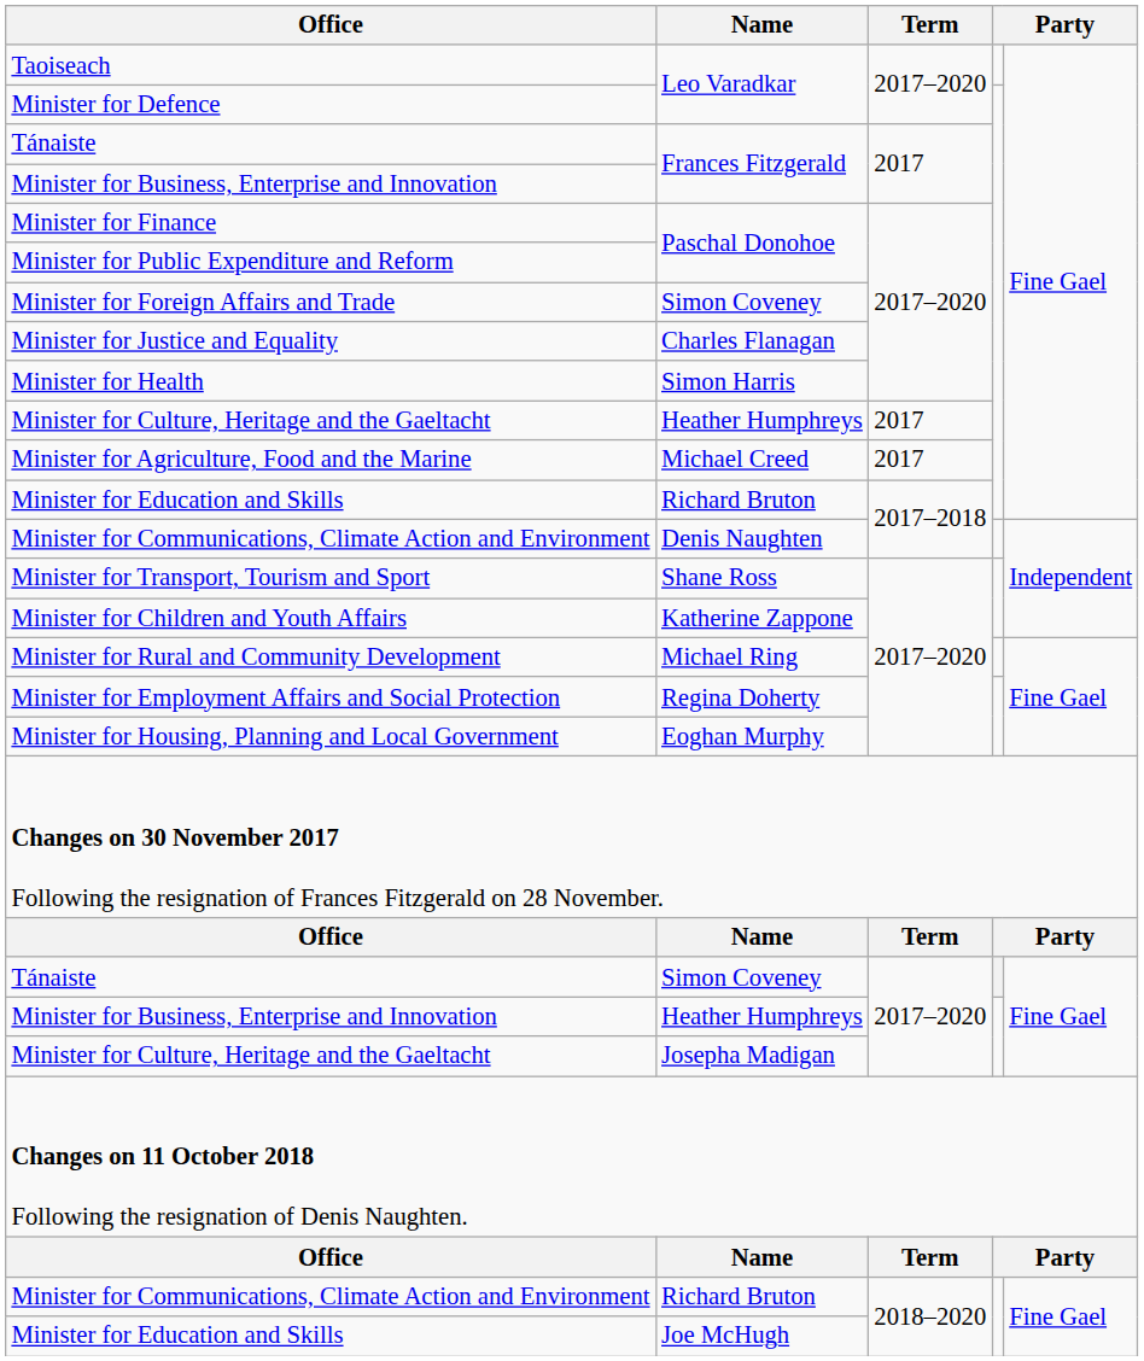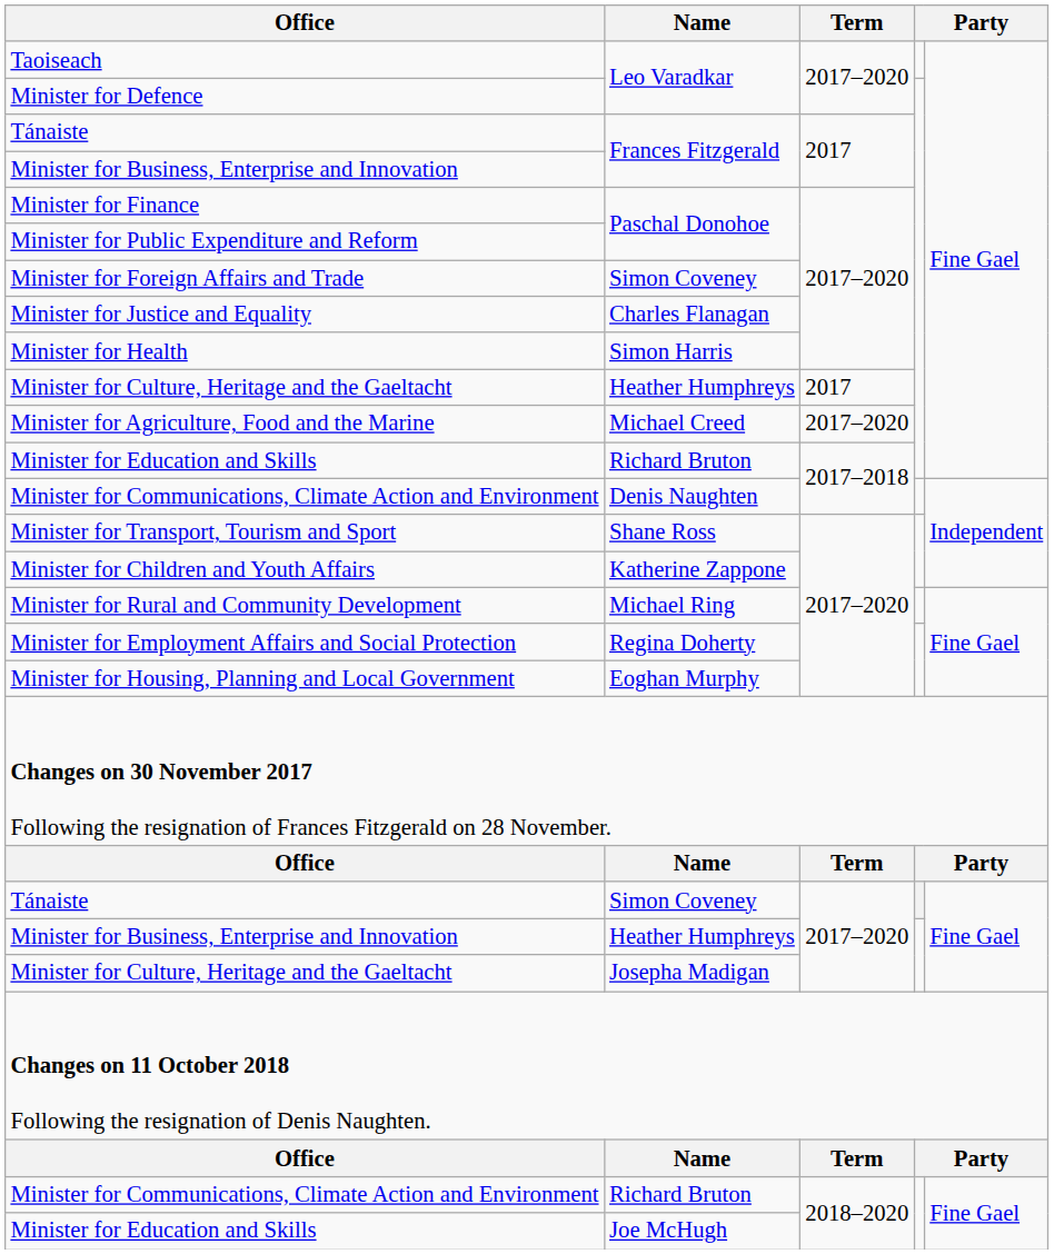 <table class="wikitable">
 <tr>
 <th>Office</th>
 <th>Name</th>
 <th>Term</th>
 <th colspan="2">Party</th>
 </tr>
 <tr>
 <td><a href='#'>Taoiseach</a></td>
 <td rowspan="2"><a href='#'>Leo Varadkar</a></td>
 <td rowspan="2">2017–2020</td>
 <td style="background-color: "></td>
 <td rowspan="12"><a href='#'>Fine Gael</a></td>
 </tr>
 <tr>
 <td><a href='#'>Minister for Defence</a></td>
 </tr>
 <tr>
 <td><a href='#'>Tánaiste</a></td>
 <td rowspan="2"><a href='#'>Frances Fitzgerald</a></td>
 <td rowspan="2">2017</td>
 </tr>
 <tr>
 <td><a href='#'>Minister for Business, Enterprise and Innovation</a></td>
 </tr>
 <tr>
 <td><a href='#'>Minister for Finance</a></td>
 <td rowspan="2"><a href='#'>Paschal Donohoe</a></td>
 <td rowspan="5">2017–2020</td>
 </tr>
 <tr>
 <td><a href='#'>Minister for Public Expenditure and Reform</a></td>
 </tr>
 <tr>
 <td><a href='#'>Minister for Foreign Affairs and Trade</a></td>
 <td><a href='#'>Simon Coveney</a></td>
 </tr>
 <tr>
 <td><a href='#'>Minister for Justice and Equality</a></td>
 <td><a href='#'>Charles Flanagan</a></td>
 </tr>
 <tr>
 <td><a href='#'>Minister for Health</a></td>
 <td><a href='#'>Simon Harris</a></td>
 </tr>
 <tr>
 <td><a href='#'>Minister for Culture, Heritage and the Gaeltacht</a></td>
 <td><a href='#'>Heather Humphreys</a></td>
 <td>2017</td>
 </tr>
 <tr>
 <td><a href='#'>Minister for Agriculture, Food and the Marine</a></td>
 <td><a href='#'>Michael Creed</a></td>
-<td>2017</td>
+<td>2017–2020</td>
 </tr>
 <tr>
 <td><a href='#'>Minister for Education and Skills</a></td>
 <td><a href='#'>Richard Bruton</a></td>
 <td rowspan="2">2017–2018</td>
 </tr>
 <tr>
 <td><a href='#'>Minister for Communications, Climate Action and Environment</a></td>
 <td><a href='#'>Denis Naughten</a></td>
 <td style="background-color: "></td>
 <td rowspan="3"><a href='#'>Independent</a></td>
 </tr>
 <tr>
 <td><a href='#'>Minister for Transport, Tourism and Sport</a></td>
 <td><a href='#'>Shane Ross</a></td>
 <td rowspan="5">2017–2020</td>
 </tr>
 <tr>
 <td><a href='#'>Minister for Children and Youth Affairs</a></td>
 <td><a href='#'>Katherine Zappone</a></td>
 </tr>
 <tr>
 <td><a href='#'>Minister for Rural and Community Development</a></td>
 <td><a href='#'>Michael Ring</a></td>
 <td style="background-color: "></td>
 <td rowspan="3"><a href='#'>Fine Gael</a></td>
 </tr>
 <tr>
 <td><a href='#'>Minister for Employment Affairs and Social Protection</a></td>
 <td><a href='#'>Regina Doherty</a></td>
 </tr>
 <tr>
 <td><a href='#'>Minister for Housing, Planning and Local Government</a></td>
 <td><a href='#'>Eoghan Murphy</a></td>
 </tr>
 <tr>
 <td colspan="5"><br><h4>Changes on 30 November 2017</h4>Following the resignation of Frances Fitzgerald on 28 November.</td>
 </tr>
 <tr>
 <th>Office</th>
 <th>Name</th>
 <th>Term</th>
 <th colspan="2">Party</th>
 </tr>
 <tr>
 <td><a href='#'>Tánaiste</a></td>
 <td><a href='#'>Simon Coveney</a></td>
 <td rowspan="3">2017–2020</td>
 <th style="background-color: "></th>
 <td rowspan="3"><a href='#'>Fine Gael</a></td>
 </tr>
 <tr>
 <td><a href='#'>Minister for Business, Enterprise and Innovation</a></td>
 <td><a href='#'>Heather Humphreys</a></td>
 </tr>
 <tr>
 <td><a href='#'>Minister for Culture, Heritage and the Gaeltacht</a></td>
 <td><a href='#'>Josepha Madigan</a></td>
 </tr>
 <tr>
 <td colspan="5"><br><h4>Changes on 11 October 2018</h4>Following the resignation of Denis Naughten.</td>
 </tr>
 <tr>
 <th>Office</th>
 <th>Name</th>
 <th>Term</th>
 <th colspan="2">Party</th>
 </tr>
 <tr>
 <td><a href='#'>Minister for Communications, Climate Action and Environment</a></td>
 <td><a href='#'>Richard Bruton</a></td>
 <td rowspan="2">2018–2020</td>
 <td rowspan="2" style="background-color: "></td>
 <td rowspan="2"><a href='#'>Fine Gael</a></td>
 </tr>
 <tr>
 <td><a href='#'>Minister for Education and Skills</a></td>
 <td><a href='#'>Joe McHugh</a></td>
 </tr>
 </table>
